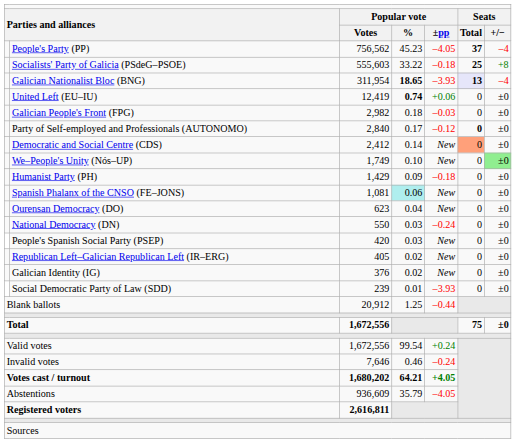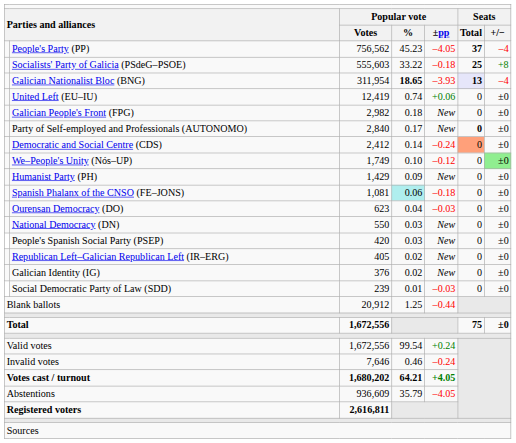 <table class="wikitable" style="text-align:right;">
 <tr>
 <td colspan="7"></td>
 </tr>
 <tr>
 <th style="text-align:left;" rowspan="2" colspan="2" width="525">Parties and alliances</th>
 <th colspan="3">Popular vote</th>
 <th colspan="2">Seats</th>
 </tr>
 <tr>
 <th width="75">Votes</th>
 <th width="45">%</th>
 <th width="45">±<a href='#'>pp</a></th>
 <th width="35">Total</th>
 <th width="35">+/−</th>
 </tr>
 <tr>
 <td width="1" style="color:inherit;background:"></td>
 <td align="left"><a href='#'>People's Party</a> (PP)</td>
 <td>756,562</td>
 <td>45.23</td>
 <td style="color:red;">–4.05</td>
 <td><strong>37</strong></td>
 <td style="color:red;">–4</td>
 </tr>
 <tr>
 <td style="color:inherit;background:"></td>
 <td align="left"><a href='#'>Socialists' Party of Galicia</a> (PSdeG–PSOE)</td>
 <td>555,603</td>
 <td>33.22</td>
 <td style="color:red;">–0.18</td>
 <td><strong>25</strong></td>
 <td style="color:green;">+8</td>
 </tr>
 <tr>
 <td style="color:inherit;background:"></td>
 <td align="left"><a href='#'>Galician Nationalist Bloc</a> (BNG)</td>
 <td>311,954</td>
 <td><strong>18.65</strong></td>
 <td style="color:red;">–3.93</td>
 <td style="background: lavender;"><strong>13</strong></td>
 <td style="color:red;">–4</td>
 </tr>
 <tr>
 <td style="color:inherit;background:"></td>
 <td align="left"><a href='#'>United Left</a> (EU–IU)</td>
 <td>12,419</td>
-<td><strong>0.74</strong></td>
+<td>0.74</td>
 <td style="color:green;">+0.06</td>
 <td>0</td>
 <td>±0</td>
 </tr>
 <tr>
 <td style="color:inherit;background:"></td>
 <td align="left"><a href='#'>Galician People's Front</a> (FPG)</td>
 <td>2,982</td>
 <td>0.18</td>
-<td style="color:red;">–0.03</td>
+<td><em>New</em></td>
 <td>0</td>
 <td>±0</td>
 </tr>
 <tr>
 <td style="color:inherit;background:"></td>
 <td align="left">Party of Self-employed and Professionals (AUTONOMO)</td>
 <td>2,840</td>
 <td>0.17</td>
-<td style="color:red;">–0.12</td>
+<td><em>New</em></td>
 <td><strong>0</strong></td>
 <td>±0</td>
 </tr>
 <tr>
 <td style="color:inherit;background:"></td>
 <td align="left"><a href='#'>Democratic and Social Centre</a> (CDS)</td>
 <td>2,412</td>
 <td>0.14</td>
-<td><em>New</em></td>
+<td style="color:red;">–0.24</td>
 <td style="background: lightsalmon;">0</td>
 <td>±0</td>
 </tr>
 <tr>
 <td style="color:inherit;background:"></td>
 <td align="left"><a href='#'>We–People's Unity</a> (Nós–UP)</td>
 <td>1,749</td>
 <td>0.10</td>
-<td><em>New</em></td>
+<td style="color:red;">–0.12</td>
 <td>0</td>
 <td style="background: lightgreen;">±0</td>
 </tr>
 <tr>
 <td style="color:inherit;background:"></td>
 <td align="left"><a href='#'>Humanist Party</a> (PH)</td>
 <td>1,429</td>
 <td>0.09</td>
-<td style="color:red;">–0.18</td>
+<td><em>New</em></td>
 <td>0</td>
 <td>±0</td>
 </tr>
 <tr>
 <td style="color:inherit;background:"></td>
 <td align="left"><a href='#'>Spanish Phalanx of the CNSO</a> (FE–JONS)</td>
 <td>1,081</td>
 <td style="background: paleturquoise;">0.06</td>
-<td><em>New</em></td>
+<td style="color:red;">–0.18</td>
 <td>0</td>
 <td>±0</td>
 </tr>
 <tr>
 <td style="color:inherit;background:"></td>
 <td align="left"><a href='#'>Ourensan Democracy</a> (DO)</td>
 <td>623</td>
 <td>0.04</td>
-<td><em>New</em></td>
+<td style="color:red;">–0.03</td>
 <td>0</td>
 <td>±0</td>
 </tr>
 <tr>
 <td style="color:inherit;background:"></td>
 <td align="left"><a href='#'>National Democracy</a> (DN)</td>
 <td>550</td>
 <td>0.03</td>
-<td style="color:red;">–0.24</td>
+<td><em>New</em></td>
 <td>0</td>
 <td>±0</td>
 </tr>
 <tr>
 <td bgcolor="white"></td>
 <td align="left">People's Spanish Social Party (PSEP)</td>
 <td>420</td>
 <td>0.03</td>
 <td><em>New</em></td>
 <td>0</td>
 <td>±0</td>
 </tr>
 <tr>
 <td style="color:inherit;background:"></td>
 <td align="left"><a href='#'>Republican Left–Galician Republican Left</a> (IR–ERG)</td>
 <td>405</td>
 <td>0.02</td>
 <td><em>New</em></td>
 <td>0</td>
 <td>±0</td>
 </tr>
 <tr>
 <td style="color:inherit;background:"></td>
 <td align="left">Galician Identity (IG)</td>
 <td>376</td>
 <td>0.02</td>
 <td><em>New</em></td>
 <td>0</td>
 <td>±0</td>
 </tr>
 <tr>
 <td bgcolor="white"></td>
 <td align="left">Social Democratic Party of Law (SDD)</td>
 <td>239</td>
 <td>0.01</td>
-<td style="color:red;">–3.93</td>
+<td style="color:red;">–0.03</td>
 <td>0</td>
 <td>±0</td>
 </tr>
 <tr>
 <td align="left" colspan="2">Blank ballots</td>
 <td>20,912</td>
 <td>1.25</td>
 <td style="color:red;">–0.44</td>
 <td bgcolor="#E9E9E9" colspan="2"></td>
 </tr>
 <tr>
 <td colspan="7" bgcolor="#E9E9E9"></td>
 </tr>
 <tr style="font-weight:bold;">
 <td align="left" colspan="2">Total</td>
 <td>1,672,556</td>
 <td bgcolor="#E9E9E9" colspan="2"></td>
 <td>75</td>
 <td>±0</td>
 </tr>
 <tr>
 <td colspan="7" bgcolor="#E9E9E9"></td>
 </tr>
 <tr>
 <td align="left" colspan="2">Valid votes</td>
 <td>1,672,556</td>
 <td>99.54</td>
 <td style="color:green;">+0.24</td>
 <td bgcolor="#E9E9E9" colspan="7" rowspan="5"></td>
 </tr>
 <tr>
 <td align="left" colspan="2">Invalid votes</td>
 <td>7,646</td>
 <td>0.46</td>
 <td style="color:red;">–0.24</td>
 </tr>
 <tr style="font-weight:bold;">
 <td align="left" colspan="2">Votes cast / turnout</td>
 <td>1,680,202</td>
 <td>64.21</td>
 <td style="color:green;">+4.05</td>
 </tr>
 <tr>
 <td align="left" colspan="2">Abstentions</td>
 <td>936,609</td>
 <td>35.79</td>
 <td style="color:red;">–4.05</td>
 </tr>
 <tr style="font-weight:bold;">
 <td align="left" colspan="2">Registered voters</td>
 <td>2,616,811</td>
 <td bgcolor="#E9E9E9" colspan="2"></td>
 </tr>
 <tr>
 <td colspan="7" bgcolor="#E9E9E9"></td>
 </tr>
 <tr>
 <td align="left" colspan="7">Sources</td>
 </tr>
 </table>
